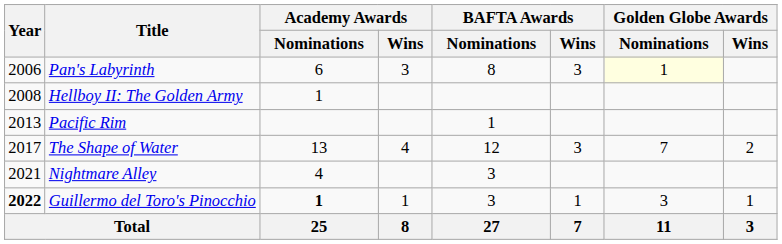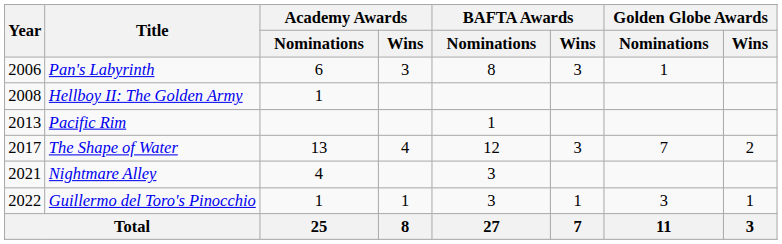 <table class="wikitable">
 <tr>
 <th rowspan="2">Year</th>
 <th rowspan="2">Title</th>
 <th colspan="2" style="text-align:center;" width=160>Academy Awards</th>
 <th colspan="2" style="text-align:center;" width=160>BAFTA Awards</th>
 <th colspan="2" style="text-align:center;" width=160>Golden Globe Awards</th>
 </tr>
 <tr>
 <th>Nominations</th>
 <th>Wins</th>
 <th>Nominations</th>
 <th>Wins</th>
 <th>Nominations</th>
 <th>Wins</th>
 </tr>
 <tr>
 <td>2006</td>
 <td><em><a href='#'>Pan's Labyrinth</a></em></td>
 <td align=center>6</td>
 <td align=center>3</td>
 <td align=center>8</td>
 <td align=center>3</td>
-<td align=center style="background: lightyellow;">1</td>
+<td align=center>1</td>
 <td></td>
 </tr>
 <tr>
 <td>2008</td>
 <td><em><a href='#'>Hellboy II: The Golden Army</a></em></td>
 <td align=center>1</td>
 <td></td>
 <td></td>
 <td></td>
 <td></td>
 <td></td>
 </tr>
 <tr>
 <td>2013</td>
 <td><em><a href='#'>Pacific Rim</a></em></td>
 <td></td>
 <td></td>
 <td align=center>1</td>
 <td></td>
 <td></td>
 <td></td>
 </tr>
 <tr>
 <td>2017</td>
 <td><em><a href='#'>The Shape of Water</a></em></td>
 <td align=center>13</td>
 <td align=center>4</td>
 <td align=center>12</td>
 <td align=center>3</td>
 <td align=center>7</td>
 <td align=center>2</td>
 </tr>
 <tr>
 <td>2021</td>
 <td><em><a href='#'>Nightmare Alley</a></em></td>
 <td align=center>4</td>
 <td></td>
 <td align=center>3</td>
 <td></td>
 <td></td>
 <td></td>
 </tr>
 <tr>
-<td><strong>2022</strong></td>
+<td>2022</td>
 <td><em><a href='#'>Guillermo del Toro's Pinocchio</a></em></td>
-<td align=center><strong>1</strong></td>
+<td align=center>1</td>
 <td align=center>1</td>
 <td align=center>3</td>
 <td align=center>1</td>
 <td align=center>3</td>
 <td align=center>1</td>
 </tr>
 <tr>
 <th colspan="2">Total</th>
 <th align=center>25</th>
 <th align=center>8</th>
 <th align=center>27</th>
 <th align=center>7</th>
 <th align=center>11</th>
 <th align=center>3</th>
 </tr>
 </table>
